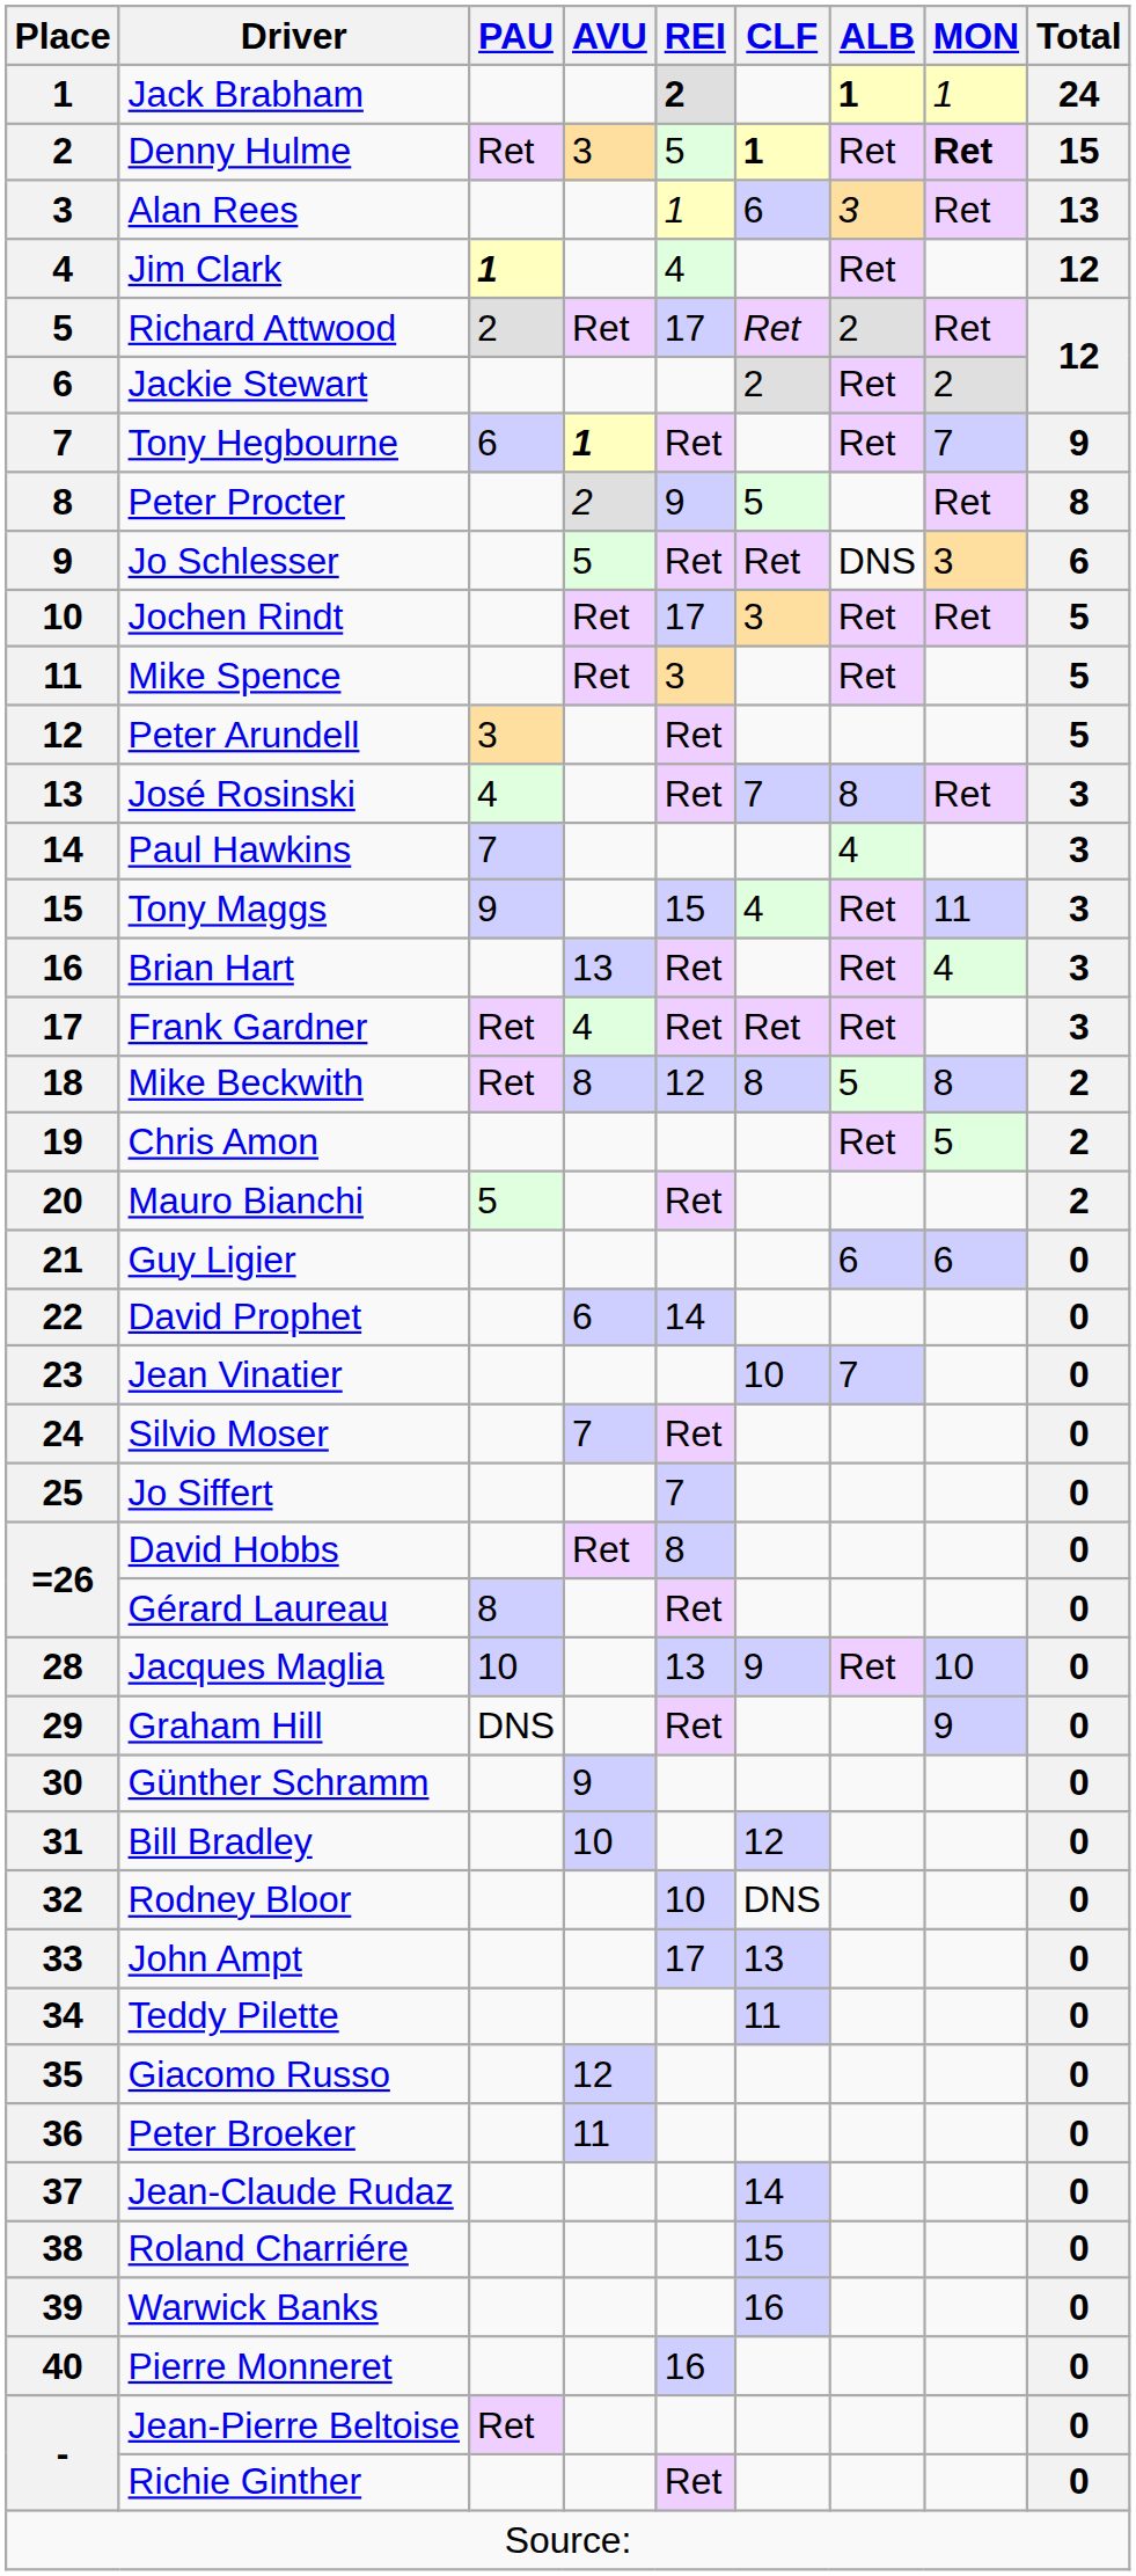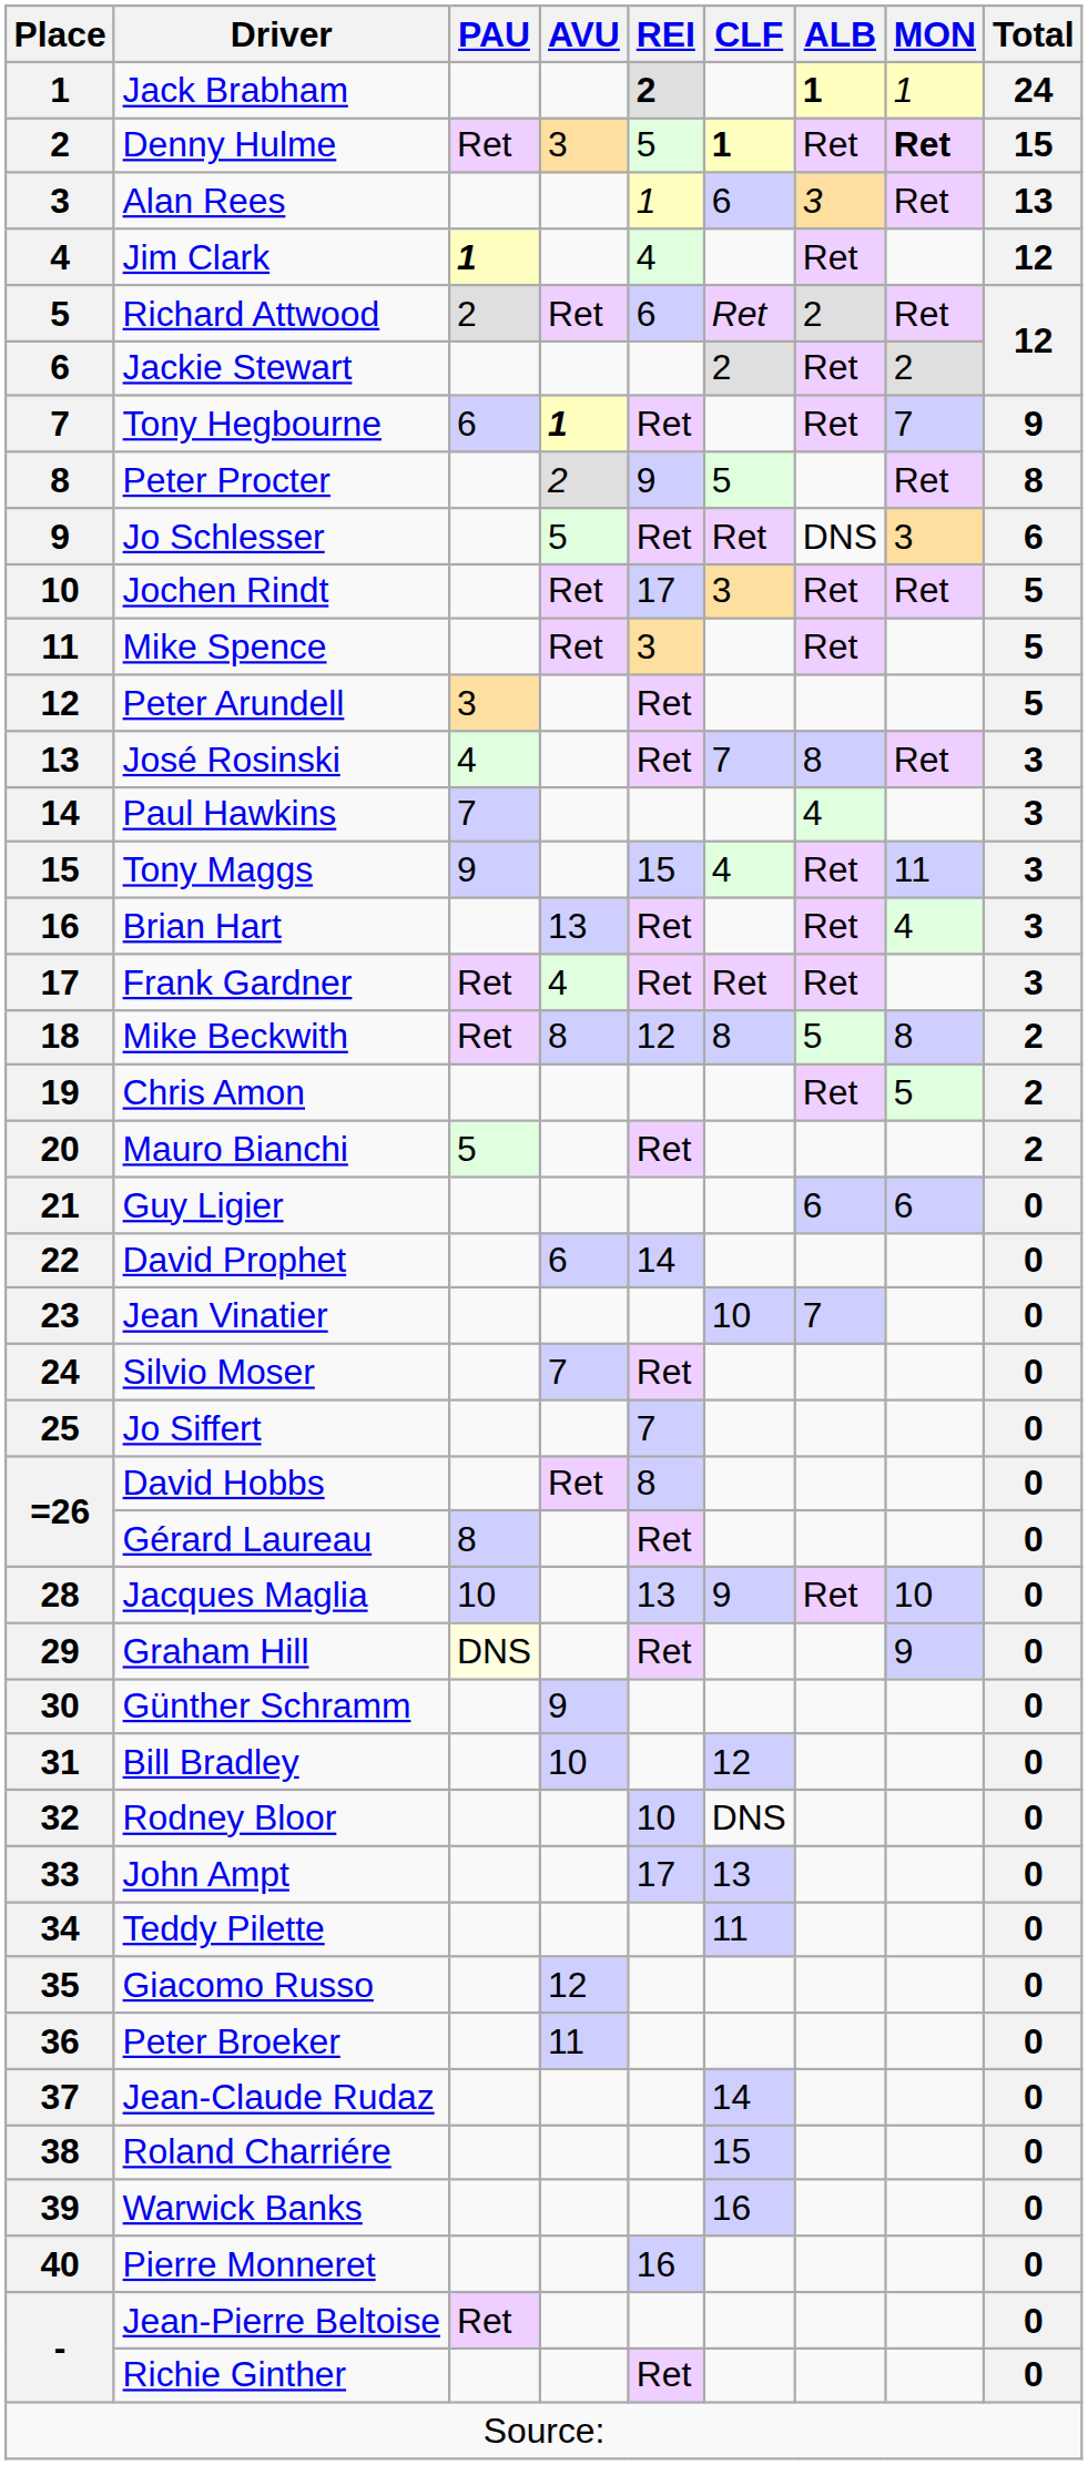 <table class="wikitable" style="font-size: 90%;">
 <tr>
 <th>Place</th>
 <th>Driver</th>
 <th><a href='#'>PAU</a></th>
 <th><a href='#'>AVU</a></th>
 <th><a href='#'>REI</a></th>
 <th><a href='#'>CLF</a></th>
 <th><a href='#'>ALB</a></th>
 <th><a href='#'>MON</a></th>
 <th>Total</th>
 </tr>
 <tr>
 <th>1</th>
 <td> <a href='#'>Jack Brabham</a></td>
 <td></td>
 <td></td>
 <td style="background:#dfdfdf;"><strong>2</strong></td>
 <td></td>
 <td style="background:#ffffbf;"><strong>1</strong></td>
 <td style="background:#ffffbf;"><em>1</em></td>
 <th>24</th>
 </tr>
 <tr>
 <th>2</th>
 <td> <a href='#'>Denny Hulme</a></td>
 <td style="background:#efcfff;">Ret</td>
 <td style="background:#ffdf9f;”">3</td>
 <td style="background:#dfffdf;">5</td>
 <td style="background:#ffffbf;"><strong>1</strong></td>
 <td style="background:#efcfff;">Ret</td>
 <td style="background:#efcfff;"><strong>Ret</strong></td>
 <th>15</th>
 </tr>
 <tr>
 <th>3</th>
 <td> <a href='#'>Alan Rees</a></td>
 <td></td>
 <td></td>
 <td style="background:#ffffbf;"><em>1</em></td>
 <td style="background:#cfcfff;">6</td>
 <td style="background:#ffdf9f;”"><em>3</em></td>
 <td style="background:#efcfff;">Ret</td>
 <th>13</th>
 </tr>
 <tr>
 <th>4</th>
 <td> <a href='#'>Jim Clark</a></td>
 <td style="background:#ffffbf;"><strong><em>1</em></strong></td>
 <td></td>
 <td style="background:#dfffdf;">4</td>
 <td></td>
 <td style="background:#efcfff;">Ret</td>
 <td></td>
 <th>12</th>
 </tr>
 <tr>
 <th>5</th>
 <td> <a href='#'>Richard Attwood</a></td>
 <td style="background:#dfdfdf;">2</td>
 <td style="background:#efcfff;">Ret</td>
-<td style="background:#cfcfff;">17</td>
+<td style="background:#cfcfff;">6</td>
 <td style="background:#efcfff;"><em>Ret</em></td>
 <td style="background:#dfdfdf;">2</td>
 <td style="background:#efcfff;">Ret</td>
 <th rowspan="2">12</th>
 </tr>
 <tr>
 <th>6</th>
 <td> <a href='#'>Jackie Stewart</a></td>
 <td></td>
 <td></td>
 <td></td>
 <td style="background:#dfdfdf;">2</td>
 <td style="background:#efcfff;">Ret</td>
 <td style="background:#dfdfdf;">2</td>
 </tr>
 <tr>
 <th>7</th>
 <td> <a href='#'>Tony Hegbourne</a></td>
 <td style="background:#cfcfff;">6</td>
 <td style="background:#ffffbf;"><strong><em>1</em></strong></td>
 <td style="background:#efcfff;">Ret</td>
 <td></td>
 <td style="background:#efcfff;">Ret</td>
 <td style="background:#cfcfff;">7</td>
 <th>9</th>
 </tr>
 <tr>
 <th>8</th>
 <td> <a href='#'>Peter Procter</a></td>
 <td></td>
 <td style="background:#dfdfdf;"><em>2</em></td>
 <td style="background:#cfcfff;">9</td>
 <td style="background:#dfffdf;">5</td>
 <td></td>
 <td style="background:#efcfff;">Ret</td>
 <th>8</th>
 </tr>
 <tr>
 <th>9</th>
 <td> <a href='#'>Jo Schlesser</a></td>
 <td></td>
 <td style="background:#dfffdf;">5</td>
 <td style="background:#efcfff;">Ret</td>
 <td style="background:#efcfff;">Ret</td>
 <td>DNS</td>
 <td style="background:#ffdf9f;”">3</td>
 <th>6</th>
 </tr>
 <tr>
 <th>10</th>
 <td> <a href='#'>Jochen Rindt</a></td>
 <td></td>
 <td style="background:#efcfff;">Ret</td>
 <td style="background:#cfcfff;">17</td>
 <td style="background:#ffdf9f;”">3</td>
 <td style="background:#efcfff;">Ret</td>
 <td style="background:#efcfff;">Ret</td>
 <th>5</th>
 </tr>
 <tr>
 <th>11</th>
 <td> <a href='#'>Mike Spence</a></td>
 <td></td>
 <td style="background:#efcfff;">Ret</td>
 <td style="background:#ffdf9f;”">3</td>
 <td></td>
 <td style="background:#efcfff;">Ret</td>
 <td></td>
 <th>5</th>
 </tr>
 <tr>
 <th>12</th>
 <td> <a href='#'>Peter Arundell</a></td>
 <td style="background:#ffdf9f;”">3</td>
 <td></td>
 <td style="background:#efcfff;">Ret</td>
 <td></td>
 <td></td>
 <td></td>
 <th>5</th>
 </tr>
 <tr>
 <th>13</th>
 <td> <a href='#'>José Rosinski</a></td>
 <td style="background:#dfffdf;">4</td>
 <td></td>
 <td style="background:#efcfff;">Ret</td>
 <td style="background:#cfcfff;">7</td>
 <td style="background:#cfcfff;">8</td>
 <td style="background:#efcfff;">Ret</td>
 <th>3</th>
 </tr>
 <tr>
 <th>14</th>
 <td> <a href='#'>Paul Hawkins</a></td>
 <td style="background:#cfcfff;">7</td>
 <td></td>
 <td></td>
 <td></td>
 <td style="background:#dfffdf;">4</td>
 <td></td>
 <th>3</th>
 </tr>
 <tr>
 <th>15</th>
 <td> <a href='#'>Tony Maggs</a></td>
 <td style="background:#cfcfff;">9</td>
 <td></td>
 <td style="background:#cfcfff;">15</td>
 <td style="background:#dfffdf;">4</td>
 <td style="background:#efcfff;">Ret</td>
 <td style="background:#cfcfff;">11</td>
 <th>3</th>
 </tr>
 <tr>
 <th>16</th>
 <td> <a href='#'>Brian Hart</a></td>
 <td></td>
 <td style="background:#cfcfff;">13</td>
 <td style="background:#efcfff;">Ret</td>
 <td></td>
 <td style="background:#efcfff;">Ret</td>
 <td style="background:#dfffdf;">4</td>
 <th>3</th>
 </tr>
 <tr>
 <th>17</th>
 <td> <a href='#'>Frank Gardner</a></td>
 <td style="background:#efcfff;">Ret</td>
 <td style="background:#dfffdf;">4</td>
 <td style="background:#efcfff;">Ret</td>
 <td style="background:#efcfff;">Ret</td>
 <td style="background:#efcfff;">Ret</td>
 <td></td>
 <th>3</th>
 </tr>
 <tr>
 <th>18</th>
 <td> <a href='#'>Mike Beckwith</a></td>
 <td style="background:#efcfff;">Ret</td>
 <td style="background:#cfcfff;">8</td>
 <td style="background:#cfcfff;">12</td>
 <td style="background:#cfcfff;">8</td>
 <td style="background:#dfffdf;">5</td>
 <td style="background:#cfcfff;">8</td>
 <th>2</th>
 </tr>
 <tr>
 <th>19</th>
 <td> <a href='#'>Chris Amon</a></td>
 <td></td>
 <td></td>
 <td></td>
 <td></td>
 <td style="background:#efcfff;">Ret</td>
 <td style="background:#dfffdf;">5</td>
 <th>2</th>
 </tr>
 <tr>
 <th>20</th>
 <td> <a href='#'>Mauro Bianchi</a></td>
 <td style="background:#dfffdf;">5</td>
 <td></td>
 <td style="background:#efcfff;">Ret</td>
 <td></td>
 <td></td>
 <td></td>
 <th>2</th>
 </tr>
 <tr>
 <th>21</th>
 <td> <a href='#'>Guy Ligier</a></td>
 <td></td>
 <td></td>
 <td></td>
 <td></td>
 <td style="background:#cfcfff;">6</td>
 <td style="background:#cfcfff;">6</td>
 <th>0</th>
 </tr>
 <tr>
 <th>22</th>
 <td> <a href='#'>David Prophet</a></td>
 <td></td>
 <td style="background:#cfcfff;">6</td>
 <td style="background:#cfcfff;">14</td>
 <td></td>
 <td></td>
 <td></td>
 <th>0</th>
 </tr>
 <tr>
 <th>23</th>
 <td> <a href='#'>Jean Vinatier</a></td>
 <td></td>
 <td></td>
 <td></td>
 <td style="background:#cfcfff;">10</td>
 <td style="background:#cfcfff;">7</td>
 <td></td>
 <th>0</th>
 </tr>
 <tr>
 <th>24</th>
 <td> <a href='#'>Silvio Moser</a></td>
 <td></td>
 <td style="background:#cfcfff;">7</td>
 <td style="background:#efcfff;">Ret</td>
 <td></td>
 <td></td>
 <td></td>
 <th>0</th>
 </tr>
 <tr>
 <th>25</th>
 <td> <a href='#'>Jo Siffert</a></td>
 <td></td>
 <td></td>
 <td style="background:#cfcfff;">7</td>
 <td></td>
 <td></td>
 <td></td>
 <th>0</th>
 </tr>
 <tr>
 <th rowspan="2">=26</th>
 <td> <a href='#'>David Hobbs</a></td>
 <td></td>
 <td style="background:#efcfff;">Ret</td>
 <td style="background:#cfcfff;">8</td>
 <td></td>
 <td></td>
 <td></td>
 <th>0</th>
 </tr>
 <tr>
 <td> <a href='#'>Gérard Laureau</a></td>
 <td style="background:#cfcfff;">8</td>
 <td></td>
 <td style="background:#efcfff;">Ret</td>
 <td></td>
 <td></td>
 <td></td>
 <th>0</th>
 </tr>
 <tr>
 <th>28</th>
 <td> <a href='#'>Jacques Maglia</a></td>
 <td style="background:#cfcfff;">10</td>
 <td></td>
 <td style="background:#cfcfff;">13</td>
 <td style="background:#cfcfff;">9</td>
 <td style="background:#efcfff;">Ret</td>
 <td style="background:#cfcfff;">10</td>
 <th>0</th>
 </tr>
 <tr>
 <th>29</th>
 <td> <a href='#'>Graham Hill</a></td>
-<td>DNS</td>
+<td style="background: lightyellow;">DNS</td>
 <td></td>
 <td style="background:#efcfff;">Ret</td>
 <td></td>
 <td></td>
 <td style="background:#cfcfff;">9</td>
 <th>0</th>
 </tr>
 <tr>
 <th>30</th>
 <td> <a href='#'>Günther Schramm</a></td>
 <td></td>
 <td style="background:#cfcfff;">9</td>
 <td></td>
 <td></td>
 <td></td>
 <td></td>
 <th>0</th>
 </tr>
 <tr>
 <th>31</th>
 <td> <a href='#'>Bill Bradley</a></td>
 <td></td>
 <td style="background:#cfcfff;">10</td>
 <td></td>
 <td style="background:#cfcfff;">12</td>
 <td></td>
 <td></td>
 <th>0</th>
 </tr>
 <tr>
 <th>32</th>
 <td> <a href='#'>Rodney Bloor</a></td>
 <td></td>
 <td></td>
 <td style="background:#cfcfff;">10</td>
 <td>DNS</td>
 <td></td>
 <td></td>
 <th>0</th>
 </tr>
 <tr>
 <th>33</th>
 <td> <a href='#'>John Ampt</a></td>
 <td></td>
 <td></td>
 <td style="background:#cfcfff;">17</td>
 <td style="background:#cfcfff;">13</td>
 <td></td>
 <td></td>
 <th>0</th>
 </tr>
 <tr>
 <th>34</th>
 <td> <a href='#'>Teddy Pilette</a></td>
 <td></td>
 <td></td>
 <td></td>
 <td style="background:#cfcfff;">11</td>
 <td></td>
 <td></td>
 <th>0</th>
 </tr>
 <tr>
 <th>35</th>
 <td> <a href='#'>Giacomo Russo</a></td>
 <td></td>
 <td style="background:#cfcfff;">12</td>
 <td></td>
 <td></td>
 <td></td>
 <td></td>
 <th>0</th>
 </tr>
 <tr>
 <th>36</th>
 <td> <a href='#'>Peter Broeker</a></td>
 <td></td>
 <td style="background:#cfcfff;">11</td>
 <td></td>
 <td></td>
 <td></td>
 <td></td>
 <th>0</th>
 </tr>
 <tr>
 <th>37</th>
 <td><strong></strong> <a href='#'>Jean-Claude Rudaz</a></td>
 <td></td>
 <td></td>
 <td></td>
 <td style="background:#cfcfff;">14</td>
 <td></td>
 <td></td>
 <th>0</th>
 </tr>
 <tr>
 <th>38</th>
 <td> <a href='#'>Roland Charriére</a></td>
 <td></td>
 <td></td>
 <td></td>
 <td style="background:#cfcfff;">15</td>
 <td></td>
 <td></td>
 <th>0</th>
 </tr>
 <tr>
 <th>39</th>
 <td> <a href='#'>Warwick Banks</a></td>
 <td></td>
 <td></td>
 <td></td>
 <td style="background:#cfcfff;">16</td>
 <td></td>
 <td></td>
 <th>0</th>
 </tr>
 <tr>
 <th>40</th>
 <td> <a href='#'>Pierre Monneret</a></td>
 <td></td>
 <td></td>
 <td style="background:#cfcfff;">16</td>
 <td></td>
 <td></td>
 <td></td>
 <th>0</th>
 </tr>
 <tr>
 <th rowspan="2">-</th>
 <td> <a href='#'>Jean-Pierre Beltoise</a></td>
 <td style="background:#efcfff;">Ret</td>
 <td></td>
 <td></td>
 <td></td>
 <td></td>
 <td></td>
 <th>0</th>
 </tr>
 <tr>
 <td> <a href='#'>Richie Ginther</a></td>
 <td></td>
 <td></td>
 <td style="background:#efcfff;">Ret</td>
 <td></td>
 <td></td>
 <td></td>
 <th>0</th>
 </tr>
 <tr>
 <td colspan="9" style="text-align:center;">Source:</td>
 </tr>
 </table>
